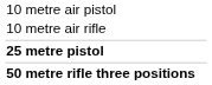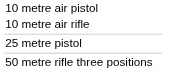 <table>
 <tr>
 <td>10 metre air pistol<br></td>
 <td></td>
 <td></td>
 <td></td>
 </tr>
 <tr>
 <td>10 metre air rifle<br></td>
 <td></td>
 <td></td>
 <td></td>
 </tr>
 <tr bgcolor=#DDDDDD>
 <td colspan=7></td>
 </tr>
 <tr>
-<td><strong>25 metre pistol<br></strong></td>
+<td>25 metre pistol<br></td>
 <td></td>
 <td></td>
 <td></td>
 </tr>
 <tr bgcolor=#DDDDDD>
 <td colspan=7></td>
 </tr>
 <tr>
-<td><strong>50 metre rifle three positions<br></strong></td>
+<td>50 metre rifle three positions<br></td>
 <td></td>
 <td></td>
 <td></td>
 </tr>
 </table>
